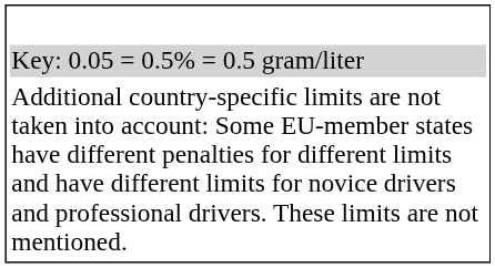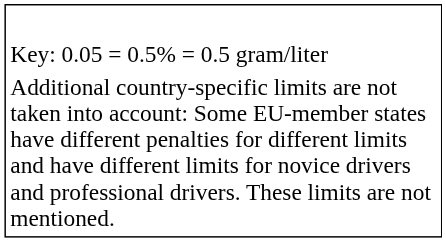 <table style="float:right; width:300px;border: 1px black solid;margin-left:0.3em;">
 <tr>
 <td><br></td>
 </tr>
 <tr>
-<td style="background: lightgrey;">Key: 0.05 = 0.5% = 0.5 gram/liter</td>
+<td>Key: 0.05 = 0.5% = 0.5 gram/liter</td>
 </tr>
 <tr>
 <td>Additional country-specific limits are not taken into account: Some EU-member states have different penalties for different limits and have different limits for novice drivers and professional drivers. These limits are not mentioned.</td>
 </tr>
 </table>
